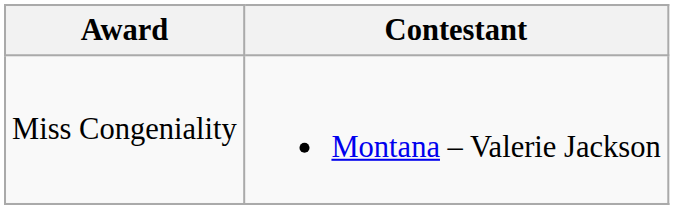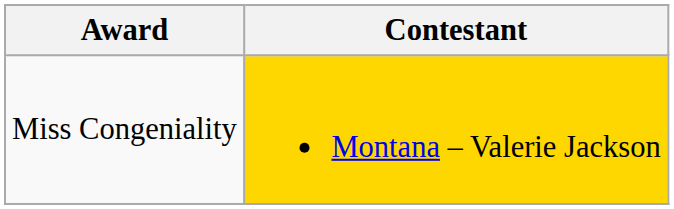 <table class="wikitable sortable unsortable" style="font-size:95%;">
 <tr>
 <th>Award</th>
 <th>Contestant</th>
 </tr>
 <tr>
 <td>Miss Congeniality</td>
-<td><br><ul><li> <a href='#'>Montana</a>  – Valerie Jackson</li></ul></td>
+<td style="background: gold;"><br><ul><li> <a href='#'>Montana</a>  – Valerie Jackson</li></ul></td>
 </tr>
 <tr>
 </tr>
 </table>
